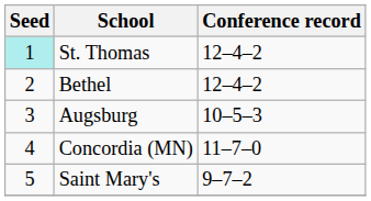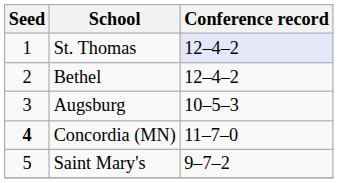 <table class="wikitable">
 <tr>
 <th>Seed</th>
 <th>School</th>
 <th>Conference record</th>
 </tr>
 <tr>
-<td align=center style="background: paleturquoise;">1</td>
+<td align=center>1</td>
 <td>St. Thomas</td>
-<td>12–4–2</td>
+<td style="background: lavender;">12–4–2</td>
 </tr>
 <tr>
 <td align=center>2</td>
 <td>Bethel</td>
 <td>12–4–2</td>
 </tr>
 <tr>
 <td align=center>3</td>
 <td>Augsburg</td>
 <td>10–5–3</td>
 </tr>
 <tr>
-<td align=center>4</td>
+<td align=center><strong>4</strong></td>
 <td>Concordia (MN)</td>
 <td>11–7–0</td>
 </tr>
 <tr>
 <td align=center>5</td>
 <td>Saint Mary's</td>
 <td>9–7–2</td>
 </tr>
 <tr>
 </tr>
 </table>
